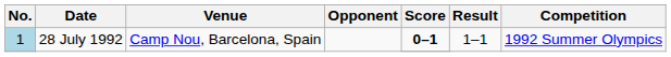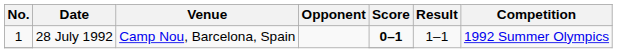 <table class="wikitable sortable">
 <tr>
 <th scope="col">No.</th>
 <th scope="col">Date</th>
 <th scope="col">Venue</th>
 <th scope="col">Opponent</th>
 <th scope="col">Score</th>
 <th scope="col">Result</th>
 <th scope="col">Competition</th>
 </tr>
 <tr>
-<td style="background: lightblue; text-align:center">1</td>
+<td style="text-align:center">1</td>
 <td rowspan="3">28 July 1992</td>
 <td rowspan="3"><a href='#'>Camp Nou</a>, Barcelona, Spain</td>
 <td rowspan="3"></td>
 <td style="text-align:center"><strong>0–1</strong></td>
 <td rowspan="3" style="text-align:center">1–1</td>
 <td rowspan="3"><a href='#'>1992 Summer Olympics</a></td>
 </tr>
 <tr>
 </tr>
 </table>
